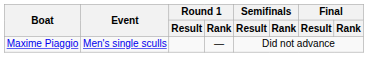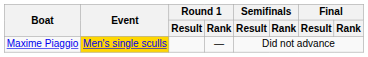 <table class=wikitable>
 <tr>
 <th rowspan=2>Boat</th>
 <th rowspan=2>Event</th>
 <th colspan=2>Round 1</th>
 <th colspan=2>Semifinals</th>
 <th colspan=2>Final</th>
 </tr>
 <tr>
 <th>Result</th>
 <th>Rank</th>
 <th>Result</th>
 <th>Rank</th>
 <th>Result</th>
 <th>Rank</th>
 </tr>
 <tr align=center>
 <td align=left><a href='#'>Maxime Piaggio</a></td>
-<td><a href='#'>Men's single sculls</a></td>
+<td style="background: gold;"><a href='#'>Men's single sculls</a></td>
 <td></td>
 <td>—</td>
 <td colspan=4>Did not advance</td>
 </tr>
 </table>
